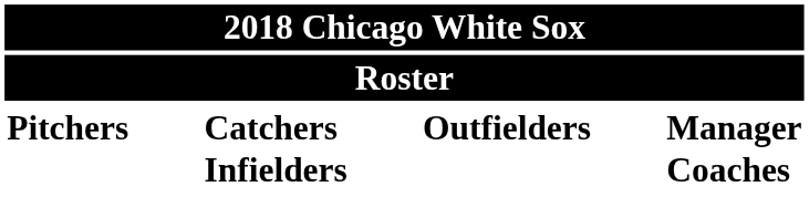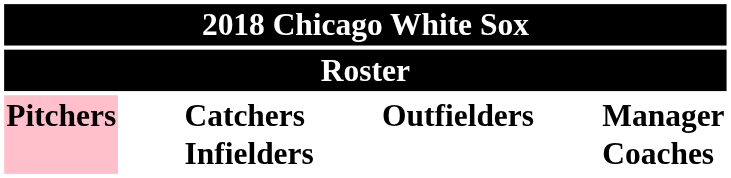 <table class="toccolours" style="font-size: 95%;">
 <tr>
 <th colspan="10" style="background:black; color:#fff; text-align:center;">2018 Chicago White Sox</th>
 </tr>
 <tr>
 <td colspan="10" style="background:black; color:white; text-align:center;"><strong>Roster</strong></td>
 </tr>
 <tr>
-<td valign="top"><strong>Pitchers</strong><br>                            </td>
+<td valign="top" style="background: pink;"><strong>Pitchers</strong><br>                            </td>
 <td style="width:25px;"></td>
 <td valign="top"><strong>Catchers</strong><br>     <strong>Infielders</strong>        </td>
 <td style="width:25px;"></td>
 <td valign="top"><strong>Outfielders</strong><br>        </td>
 <td style="width:25px;"></td>
 <td valign="top"><strong>Manager</strong><br> <strong>Coaches</strong>                </td>
 </tr>
 </table>
